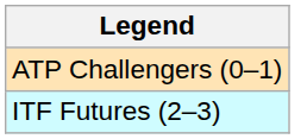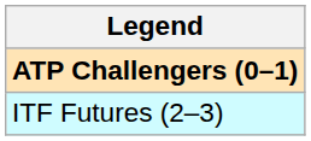 <table class=wikitable>
 <tr>
 <th>Legend</th>
 </tr>
 <tr bgcolor=moccasin>
-<td>ATP Challengers (0–1)</td>
+<td><strong>ATP Challengers (0–1)</strong></td>
 </tr>
 <tr bgcolor="#cffcff">
 <td>ITF Futures (2–3)</td>
 </tr>
 </table>
